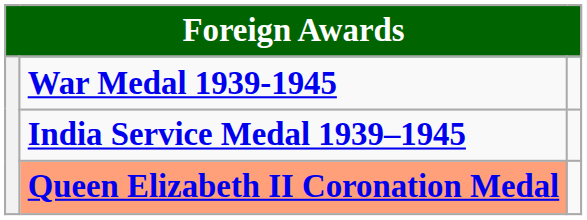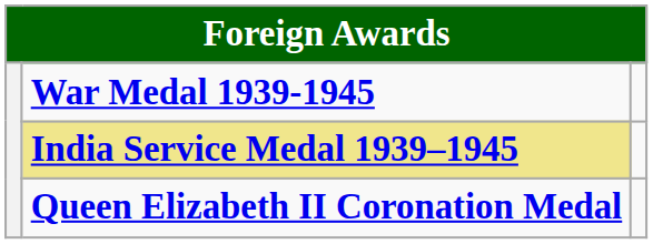 <table class="wikitable">
 <tr>
 <th colspan="3" style="background:#006400; color:#FFFFFF; text-align:center"><strong>Foreign Awards</strong></th>
 </tr>
 <tr>
 <th rowspan="3"><strong></strong></th>
 <td><strong><a href='#'>War Medal 1939-1945</a></strong></td>
 <td></td>
 </tr>
 <tr>
-<td><a href='#'><strong>India Service Medal 1939–1945</strong></a></td>
+<td style="background: khaki;"><a href='#'><strong>India Service Medal 1939–1945</strong></a></td>
 <td></td>
 </tr>
 <tr>
-<td style="background: lightsalmon;"><strong><a href='#'>Queen Elizabeth II Coronation Medal</a></strong></td>
+<td><strong><a href='#'>Queen Elizabeth II Coronation Medal</a></strong></td>
 <td></td>
 </tr>
 </table>
